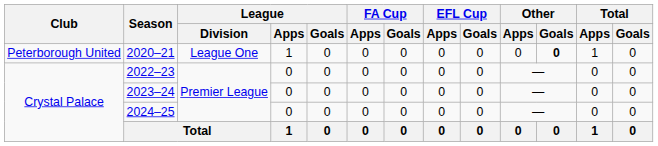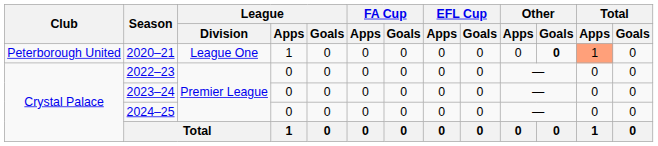 <table class="wikitable" style="text-align:center">
 <tr>
 <th rowspan="2">Club</th>
 <th rowspan="2">Season</th>
 <th colspan="3">League</th>
 <th colspan="2"><a href='#'>FA Cup</a></th>
 <th colspan="2"><a href='#'>EFL Cup</a></th>
 <th colspan="2">Other</th>
 <th colspan="2">Total</th>
 </tr>
 <tr>
 <th>Division</th>
 <th>Apps</th>
 <th>Goals</th>
 <th>Apps</th>
 <th>Goals</th>
 <th>Apps</th>
 <th>Goals</th>
 <th>Apps</th>
 <th>Goals</th>
 <th>Apps</th>
 <th>Goals</th>
 </tr>
 <tr>
 <td><a href='#'>Peterborough United</a></td>
 <td><a href='#'>2020–21</a></td>
 <td><a href='#'>League One</a></td>
 <td>1</td>
 <td>0</td>
 <td>0</td>
 <td>0</td>
 <td>0</td>
 <td>0</td>
 <td>0</td>
 <td><strong>0</strong></td>
-<td>1</td>
+<td style="background: lightsalmon;">1</td>
 <td>0</td>
 </tr>
 <tr>
 <td rowspan="4"><a href='#'>Crystal Palace</a></td>
 <td><a href='#'>2022–23</a></td>
 <td rowspan="3"><a href='#'>Premier League</a></td>
 <td>0</td>
 <td>0</td>
 <td>0</td>
 <td>0</td>
 <td>0</td>
 <td>0</td>
 <td colspan="2">—</td>
 <td>0</td>
 <td>0</td>
 </tr>
 <tr>
 <td><a href='#'>2023–24</a></td>
 <td>0</td>
 <td>0</td>
 <td>0</td>
 <td>0</td>
 <td>0</td>
 <td>0</td>
 <td colspan="2">—</td>
 <td>0</td>
 <td>0</td>
 </tr>
 <tr>
 <td><a href='#'>2024–25</a></td>
 <td>0</td>
 <td>0</td>
 <td>0</td>
 <td>0</td>
 <td>0</td>
 <td>0</td>
 <td colspan="2">—</td>
 <td>0</td>
 <td>0</td>
 </tr>
 <tr>
 <th colspan="2">Total</th>
 <th>1</th>
 <th>0</th>
 <th>0</th>
 <th>0</th>
 <th>0</th>
 <th>0</th>
 <th>0</th>
 <th>0</th>
 <th>1</th>
 <th>0</th>
 </tr>
 </table>
